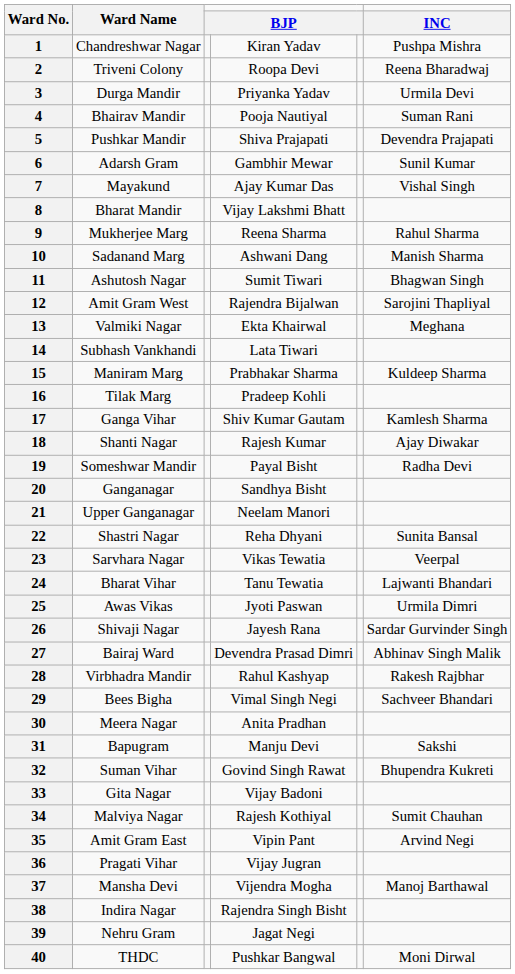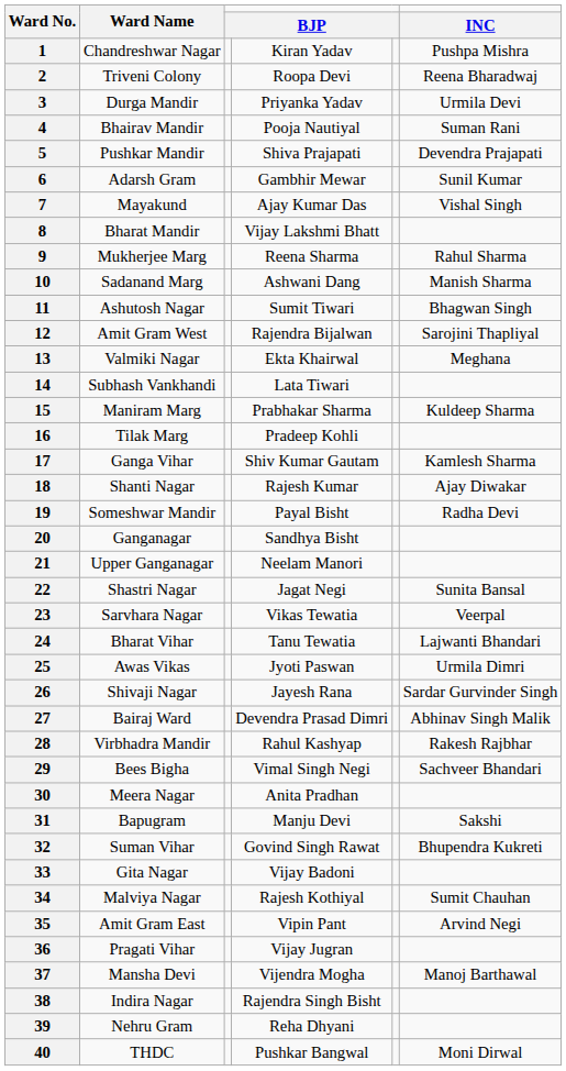 <table class="wikitable sortable" style="text-align:center;">
 <tr>
 <th rowspan="2">Ward No.</th>
 <th rowspan="2">Ward Name</th>
 <td colspan="3" style="background:"></td>
 <td colspan="3" style="background:"></td>
 </tr>
 <tr>
 <th colspan="3"><a href='#'>BJP</a></th>
 <th colspan="3"><a href='#'>INC</a></th>
 </tr>
 <tr>
 <th>1</th>
 <td>Chandreshwar Nagar</td>
 <td></td>
 <td>Kiran Yadav</td>
 <td></td>
 <td>Pushpa Mishra</td>
 </tr>
 <tr>
 <th>2</th>
 <td>Triveni Colony</td>
 <td></td>
 <td>Roopa Devi</td>
 <td></td>
 <td>Reena Bharadwaj</td>
 </tr>
 <tr>
 <th>3</th>
 <td>Durga Mandir</td>
 <td></td>
 <td>Priyanka Yadav</td>
 <td></td>
 <td>Urmila Devi</td>
 </tr>
 <tr>
 <th>4</th>
 <td>Bhairav Mandir</td>
 <td></td>
 <td>Pooja Nautiyal</td>
 <td></td>
 <td>Suman Rani</td>
 </tr>
 <tr>
 <th>5</th>
 <td>Pushkar Mandir</td>
 <td></td>
 <td>Shiva Prajapati</td>
 <td></td>
 <td>Devendra Prajapati</td>
 </tr>
 <tr>
 <th>6</th>
 <td>Adarsh Gram</td>
 <td></td>
 <td>Gambhir Mewar</td>
 <td></td>
 <td>Sunil Kumar</td>
 </tr>
 <tr>
 <th>7</th>
 <td>Mayakund</td>
 <td></td>
 <td>Ajay Kumar Das</td>
 <td></td>
 <td>Vishal Singh</td>
 </tr>
 <tr>
 <th>8</th>
 <td>Bharat Mandir</td>
 <td></td>
 <td>Vijay Lakshmi Bhatt</td>
 <td></td>
 <td></td>
 </tr>
 <tr>
 <th>9</th>
 <td>Mukherjee Marg</td>
 <td></td>
 <td>Reena Sharma</td>
 <td></td>
 <td>Rahul Sharma</td>
 </tr>
 <tr>
 <th>10</th>
 <td>Sadanand Marg</td>
 <td></td>
 <td>Ashwani Dang</td>
 <td></td>
 <td>Manish Sharma</td>
 </tr>
 <tr>
 <th>11</th>
 <td>Ashutosh Nagar</td>
 <td></td>
 <td>Sumit Tiwari</td>
 <td></td>
 <td>Bhagwan Singh</td>
 </tr>
 <tr>
 <th>12</th>
 <td>Amit Gram West</td>
 <td></td>
 <td>Rajendra Bijalwan</td>
 <td></td>
 <td>Sarojini Thapliyal</td>
 </tr>
 <tr>
 <th>13</th>
 <td>Valmiki Nagar</td>
 <td></td>
 <td>Ekta Khairwal</td>
 <td></td>
 <td>Meghana</td>
 </tr>
 <tr>
 <th>14</th>
 <td>Subhash Vankhandi</td>
 <td></td>
 <td>Lata Tiwari</td>
 <td></td>
 <td></td>
 </tr>
 <tr>
 <th>15</th>
 <td>Maniram Marg</td>
 <td></td>
 <td>Prabhakar Sharma</td>
 <td></td>
 <td>Kuldeep Sharma</td>
 </tr>
 <tr>
 <th>16</th>
 <td>Tilak Marg</td>
 <td></td>
 <td>Pradeep Kohli</td>
 <td></td>
 <td></td>
 </tr>
 <tr>
 <th>17</th>
 <td>Ganga Vihar</td>
 <td></td>
 <td>Shiv Kumar Gautam</td>
 <td></td>
 <td>Kamlesh Sharma</td>
 </tr>
 <tr>
 <th>18</th>
 <td>Shanti Nagar</td>
 <td></td>
 <td>Rajesh Kumar</td>
 <td></td>
 <td>Ajay Diwakar</td>
 </tr>
 <tr>
 <th>19</th>
 <td>Someshwar Mandir</td>
 <td></td>
 <td>Payal Bisht</td>
 <td></td>
 <td>Radha Devi</td>
 </tr>
 <tr>
 <th>20</th>
 <td>Ganganagar</td>
 <td></td>
 <td>Sandhya Bisht</td>
 <td></td>
 <td></td>
 </tr>
 <tr>
 <th>21</th>
 <td>Upper Ganganagar</td>
 <td></td>
 <td>Neelam Manori</td>
 <td></td>
 <td></td>
 </tr>
 <tr>
 <th>22</th>
 <td>Shastri Nagar</td>
 <td></td>
-<td>Reha Dhyani</td>
+<td>Jagat Negi</td>
 <td></td>
 <td>Sunita Bansal</td>
 </tr>
 <tr>
 <th>23</th>
 <td>Sarvhara Nagar</td>
 <td></td>
 <td>Vikas Tewatia</td>
 <td></td>
 <td>Veerpal</td>
 </tr>
 <tr>
 <th>24</th>
 <td>Bharat Vihar</td>
 <td></td>
 <td>Tanu Tewatia</td>
 <td></td>
 <td>Lajwanti Bhandari</td>
 </tr>
 <tr>
 <th>25</th>
 <td>Awas Vikas</td>
 <td></td>
 <td>Jyoti Paswan</td>
 <td></td>
 <td>Urmila Dimri</td>
 </tr>
 <tr>
 <th>26</th>
 <td>Shivaji Nagar</td>
 <td></td>
 <td>Jayesh Rana</td>
 <td></td>
 <td>Sardar Gurvinder Singh</td>
 </tr>
 <tr>
 <th>27</th>
 <td>Bairaj Ward</td>
 <td></td>
 <td>Devendra Prasad Dimri</td>
 <td></td>
 <td>Abhinav Singh Malik</td>
 </tr>
 <tr>
 <th>28</th>
 <td>Virbhadra Mandir</td>
 <td></td>
 <td>Rahul Kashyap</td>
 <td></td>
 <td>Rakesh Rajbhar</td>
 </tr>
 <tr>
 <th>29</th>
 <td>Bees Bigha</td>
 <td></td>
 <td>Vimal Singh Negi</td>
 <td></td>
 <td>Sachveer Bhandari</td>
 </tr>
 <tr>
 <th>30</th>
 <td>Meera Nagar</td>
 <td></td>
 <td>Anita Pradhan</td>
 <td></td>
 <td></td>
 </tr>
 <tr>
 <th>31</th>
 <td>Bapugram</td>
 <td></td>
 <td>Manju Devi</td>
 <td></td>
 <td>Sakshi</td>
 </tr>
 <tr>
 <th>32</th>
 <td>Suman Vihar</td>
 <td></td>
 <td>Govind Singh Rawat</td>
 <td></td>
 <td>Bhupendra Kukreti</td>
 </tr>
 <tr>
 <th>33</th>
 <td>Gita Nagar</td>
 <td></td>
 <td>Vijay Badoni</td>
 <td></td>
 <td></td>
 </tr>
 <tr>
 <th>34</th>
 <td>Malviya Nagar</td>
 <td></td>
 <td>Rajesh Kothiyal</td>
 <td></td>
 <td>Sumit Chauhan</td>
 </tr>
 <tr>
 <th>35</th>
 <td>Amit Gram East</td>
 <td></td>
 <td>Vipin Pant</td>
 <td></td>
 <td>Arvind Negi</td>
 </tr>
 <tr>
 <th>36</th>
 <td>Pragati Vihar</td>
 <td></td>
 <td>Vijay Jugran</td>
 <td></td>
 <td></td>
 </tr>
 <tr>
 <th>37</th>
 <td>Mansha Devi</td>
 <td></td>
 <td>Vijendra Mogha</td>
 <td></td>
 <td>Manoj Barthawal</td>
 </tr>
 <tr>
 <th>38</th>
 <td>Indira Nagar</td>
 <td></td>
 <td>Rajendra Singh Bisht</td>
 <td></td>
 <td></td>
 </tr>
 <tr>
 <th>39</th>
 <td>Nehru Gram</td>
 <td></td>
-<td>Jagat Negi</td>
+<td>Reha Dhyani</td>
 <td></td>
 <td></td>
 </tr>
 <tr>
 <th>40</th>
 <td>THDC</td>
 <td></td>
 <td>Pushkar Bangwal</td>
 <td></td>
 <td>Moni Dirwal</td>
 </tr>
 </table>
